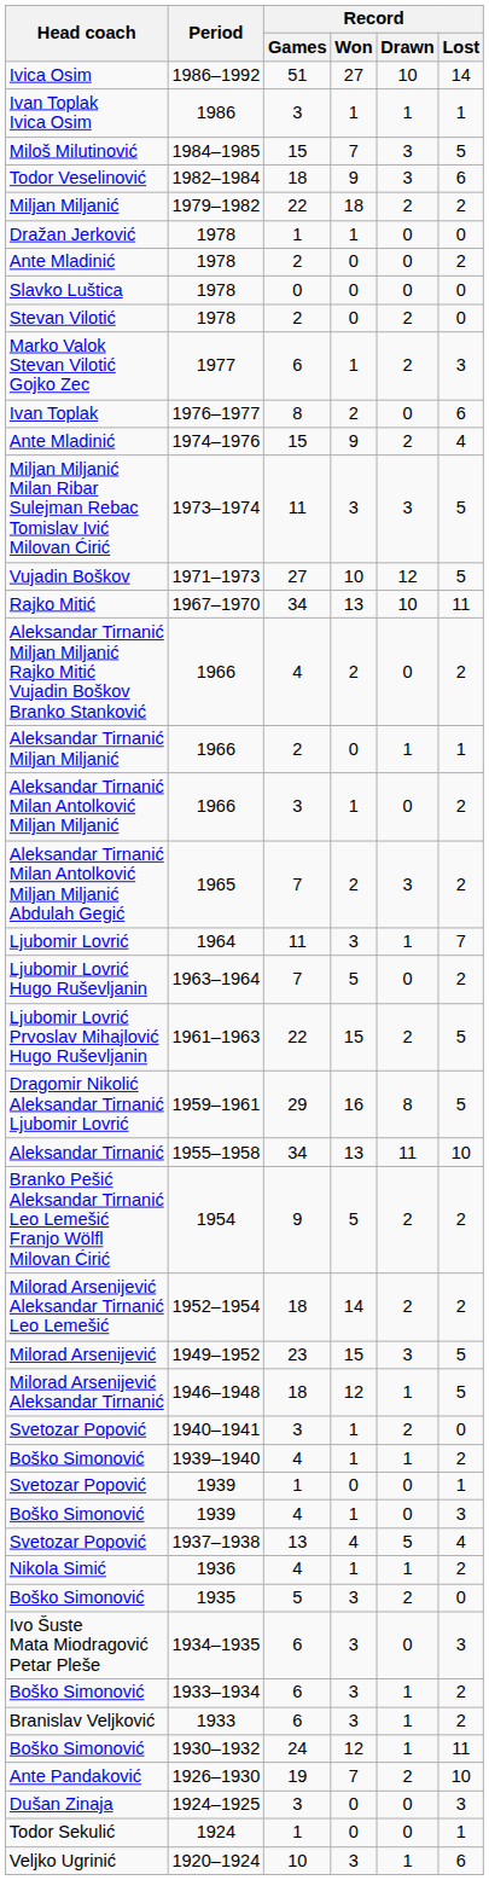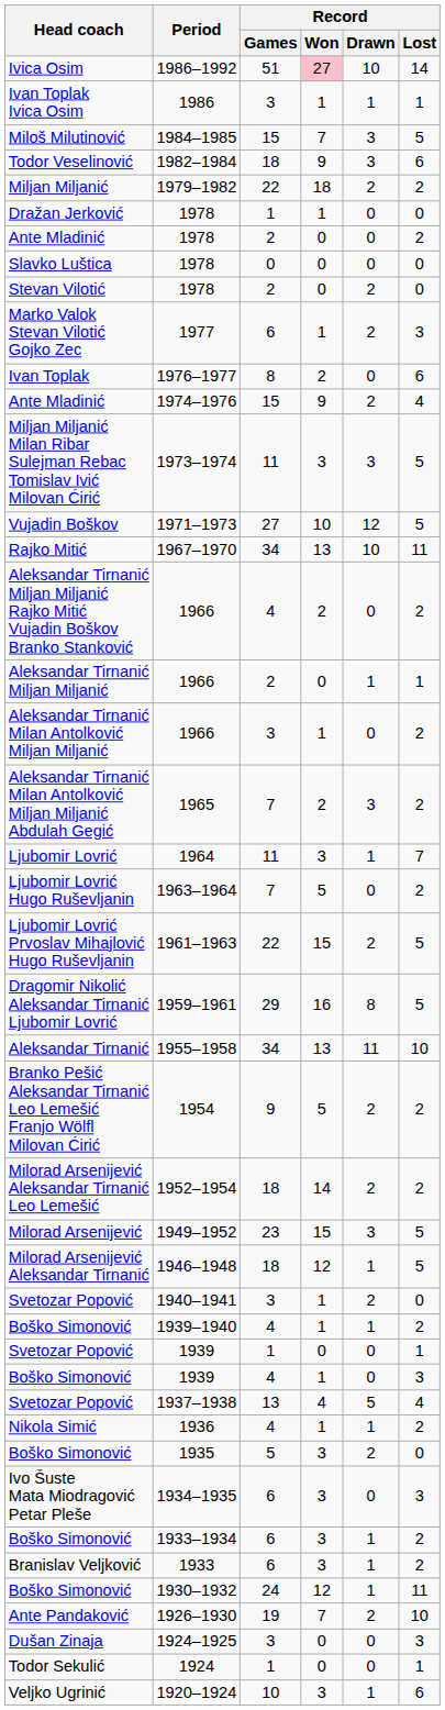 <table class="wikitable sortable collapsible collapsed" style="text-align: center; font-size: 100%;">
 <tr>
 <th rowspan=2>Head coach</th>
 <th rowspan=2>Period</th>
 <th colspan=8>Record</th>
 </tr>
 <tr>
 <th>Games</th>
 <th>Won</th>
 <th>Drawn</th>
 <th>Lost</th>
 </tr>
 <tr>
 <td align=left> <a href='#'>Ivica Osim</a></td>
 <td>1986–1992</td>
 <td>51</td>
-<td>27</td>
+<td style="background: pink;">27</td>
 <td>10</td>
 <td>14</td>
 </tr>
 <tr>
 <td align=left> <a href='#'>Ivan Toplak</a><br> <a href='#'>Ivica Osim</a></td>
 <td>1986</td>
 <td>3</td>
 <td>1</td>
 <td>1</td>
 <td>1</td>
 </tr>
 <tr>
 <td align=left> <a href='#'>Miloš Milutinović</a></td>
 <td>1984–1985</td>
 <td>15</td>
 <td>7</td>
 <td>3</td>
 <td>5</td>
 </tr>
 <tr>
 <td align=left> <a href='#'>Todor Veselinović</a></td>
 <td>1982–1984</td>
 <td>18</td>
 <td>9</td>
 <td>3</td>
 <td>6</td>
 </tr>
 <tr>
 <td align=left> <a href='#'>Miljan Miljanić</a></td>
 <td>1979–1982</td>
 <td>22</td>
 <td>18</td>
 <td>2</td>
 <td>2</td>
 </tr>
 <tr>
 <td align=left> <a href='#'>Dražan Jerković</a></td>
 <td>1978</td>
 <td>1</td>
 <td>1</td>
 <td>0</td>
 <td>0</td>
 </tr>
 <tr>
 <td align=left> <a href='#'>Ante Mladinić</a></td>
 <td>1978</td>
 <td>2</td>
 <td>0</td>
 <td>0</td>
 <td>2</td>
 </tr>
 <tr>
 <td align=left> <a href='#'>Slavko Luštica</a></td>
 <td>1978</td>
 <td>0</td>
 <td>0</td>
 <td>0</td>
 <td>0</td>
 </tr>
 <tr>
 <td align=left> <a href='#'>Stevan Vilotić</a></td>
 <td>1978</td>
 <td>2</td>
 <td>0</td>
 <td>2</td>
 <td>0</td>
 </tr>
 <tr>
 <td align=left> <a href='#'>Marko Valok</a><br> <a href='#'>Stevan Vilotić</a><br> <a href='#'>Gojko Zec</a></td>
 <td>1977</td>
 <td>6</td>
 <td>1</td>
 <td>2</td>
 <td>3</td>
 </tr>
 <tr>
 <td align=left> <a href='#'>Ivan Toplak</a></td>
 <td>1976–1977</td>
 <td>8</td>
 <td>2</td>
 <td>0</td>
 <td>6</td>
 </tr>
 <tr>
 <td align=left> <a href='#'>Ante Mladinić</a></td>
 <td>1974–1976</td>
 <td>15</td>
 <td>9</td>
 <td>2</td>
 <td>4</td>
 </tr>
 <tr>
 <td align=left> <a href='#'>Miljan Miljanić</a><br> <a href='#'>Milan Ribar</a><br> <a href='#'>Sulejman Rebac</a><br> <a href='#'>Tomislav Ivić</a><br> <a href='#'>Milovan Ćirić</a></td>
 <td>1973–1974</td>
 <td>11</td>
 <td>3</td>
 <td>3</td>
 <td>5</td>
 </tr>
 <tr>
 <td align=left> <a href='#'>Vujadin Boškov</a></td>
 <td>1971–1973</td>
 <td>27</td>
 <td>10</td>
 <td>12</td>
 <td>5</td>
 </tr>
 <tr>
 <td align=left> <a href='#'>Rajko Mitić</a></td>
 <td>1967–1970</td>
 <td>34</td>
 <td>13</td>
 <td>10</td>
 <td>11</td>
 </tr>
 <tr>
 <td align=left> <a href='#'>Aleksandar Tirnanić</a><br> <a href='#'>Miljan Miljanić</a><br> <a href='#'>Rajko Mitić</a><br> <a href='#'>Vujadin Boškov</a><br> <a href='#'>Branko Stanković</a></td>
 <td>1966</td>
 <td>4</td>
 <td>2</td>
 <td>0</td>
 <td>2</td>
 </tr>
 <tr>
 <td align=left> <a href='#'>Aleksandar Tirnanić</a><br> <a href='#'>Miljan Miljanić</a></td>
 <td>1966</td>
 <td>2</td>
 <td>0</td>
 <td>1</td>
 <td>1</td>
 </tr>
 <tr>
 <td align=left> <a href='#'>Aleksandar Tirnanić</a><br> <a href='#'>Milan Antolković</a><br> <a href='#'>Miljan Miljanić</a></td>
 <td>1966</td>
 <td>3</td>
 <td>1</td>
 <td>0</td>
 <td>2</td>
 </tr>
 <tr>
 <td align=left> <a href='#'>Aleksandar Tirnanić</a><br> <a href='#'>Milan Antolković</a><br> <a href='#'>Miljan Miljanić</a><br> <a href='#'>Abdulah Gegić</a></td>
 <td>1965</td>
 <td>7</td>
 <td>2</td>
 <td>3</td>
 <td>2</td>
 </tr>
 <tr>
 <td align=left> <a href='#'>Ljubomir Lovrić</a></td>
 <td>1964</td>
 <td>11</td>
 <td>3</td>
 <td>1</td>
 <td>7</td>
 </tr>
 <tr>
 <td align=left> <a href='#'>Ljubomir Lovrić</a><br> <a href='#'>Hugo Ruševljanin</a></td>
 <td>1963–1964</td>
 <td>7</td>
 <td>5</td>
 <td>0</td>
 <td>2</td>
 </tr>
 <tr>
 <td align=left> <a href='#'>Ljubomir Lovrić</a><br> <a href='#'>Prvoslav Mihajlović</a><br> <a href='#'>Hugo Ruševljanin</a></td>
 <td>1961–1963</td>
 <td>22</td>
 <td>15</td>
 <td>2</td>
 <td>5</td>
 </tr>
 <tr>
 <td align=left> <a href='#'>Dragomir Nikolić</a><br> <a href='#'>Aleksandar Tirnanić</a><br> <a href='#'>Ljubomir Lovrić</a></td>
 <td>1959–1961</td>
 <td>29</td>
 <td>16</td>
 <td>8</td>
 <td>5</td>
 </tr>
 <tr>
 <td align=left> <a href='#'>Aleksandar Tirnanić</a></td>
 <td>1955–1958</td>
 <td>34</td>
 <td>13</td>
 <td>11</td>
 <td>10</td>
 </tr>
 <tr>
 <td align=left> <a href='#'>Branko Pešić</a><br> <a href='#'>Aleksandar Tirnanić</a><br> <a href='#'>Leo Lemešić</a><br> <a href='#'>Franjo Wölfl</a><br> <a href='#'>Milovan Ćirić</a></td>
 <td>1954</td>
 <td>9</td>
 <td>5</td>
 <td>2</td>
 <td>2</td>
 </tr>
 <tr>
 <td align=left> <a href='#'>Milorad Arsenijević</a><br> <a href='#'>Aleksandar Tirnanić</a><br> <a href='#'>Leo Lemešić</a></td>
 <td>1952–1954</td>
 <td>18</td>
 <td>14</td>
 <td>2</td>
 <td>2</td>
 </tr>
 <tr>
 <td align=left> <a href='#'>Milorad Arsenijević</a></td>
 <td>1949–1952</td>
 <td>23</td>
 <td>15</td>
 <td>3</td>
 <td>5</td>
 </tr>
 <tr>
 <td align=left> <a href='#'>Milorad Arsenijević</a><br> <a href='#'>Aleksandar Tirnanić</a></td>
 <td>1946–1948</td>
 <td>18</td>
 <td>12</td>
 <td>1</td>
 <td>5</td>
 </tr>
 <tr>
 <td align=left> <a href='#'>Svetozar Popović</a></td>
 <td>1940–1941</td>
 <td>3</td>
 <td>1</td>
 <td>2</td>
 <td>0</td>
 </tr>
 <tr>
 <td align=left> <a href='#'>Boško Simonović</a></td>
 <td>1939–1940</td>
 <td>4</td>
 <td>1</td>
 <td>1</td>
 <td>2</td>
 </tr>
 <tr>
 <td align=left> <a href='#'>Svetozar Popović</a></td>
 <td>1939</td>
 <td>1</td>
 <td>0</td>
 <td>0</td>
 <td>1</td>
 </tr>
 <tr>
 <td align=left> <a href='#'>Boško Simonović</a></td>
 <td>1939</td>
 <td>4</td>
 <td>1</td>
 <td>0</td>
 <td>3</td>
 </tr>
 <tr>
 <td align=left> <a href='#'>Svetozar Popović</a></td>
 <td>1937–1938</td>
 <td>13</td>
 <td>4</td>
 <td>5</td>
 <td>4</td>
 </tr>
 <tr>
 <td align=left> <a href='#'>Nikola Simić</a></td>
 <td>1936</td>
 <td>4</td>
 <td>1</td>
 <td>1</td>
 <td>2</td>
 </tr>
 <tr>
 <td align=left> <a href='#'>Boško Simonović</a></td>
 <td>1935</td>
 <td>5</td>
 <td>3</td>
 <td>2</td>
 <td>0</td>
 </tr>
 <tr>
 <td align=left> Ivo Šuste<br> Mata Miodragović<br> Petar Pleše</td>
 <td>1934–1935</td>
 <td>6</td>
 <td>3</td>
 <td>0</td>
 <td>3</td>
 </tr>
 <tr>
 <td align=left> <a href='#'>Boško Simonović</a></td>
 <td>1933–1934</td>
 <td>6</td>
 <td>3</td>
 <td>1</td>
 <td>2</td>
 </tr>
 <tr>
 <td align=left> Branislav Veljković</td>
 <td>1933</td>
 <td>6</td>
 <td>3</td>
 <td>1</td>
 <td>2</td>
 </tr>
 <tr>
 <td align=left> <a href='#'>Boško Simonović</a></td>
 <td>1930–1932</td>
 <td>24</td>
 <td>12</td>
 <td>1</td>
 <td>11</td>
 </tr>
 <tr>
 <td align=left> <a href='#'>Ante Pandaković</a></td>
 <td>1926–1930</td>
 <td>19</td>
 <td>7</td>
 <td>2</td>
 <td>10</td>
 </tr>
 <tr>
 <td align=left> <a href='#'>Dušan Zinaja</a></td>
 <td>1924–1925</td>
 <td>3</td>
 <td>0</td>
 <td>0</td>
 <td>3</td>
 </tr>
 <tr>
 <td align=left> Todor Sekulić</td>
 <td>1924</td>
 <td>1</td>
 <td>0</td>
 <td>0</td>
 <td>1</td>
 </tr>
 <tr>
 <td align=left> Veljko Ugrinić</td>
 <td>1920–1924</td>
 <td>10</td>
 <td>3</td>
 <td>1</td>
 <td>6</td>
 </tr>
 </table>
